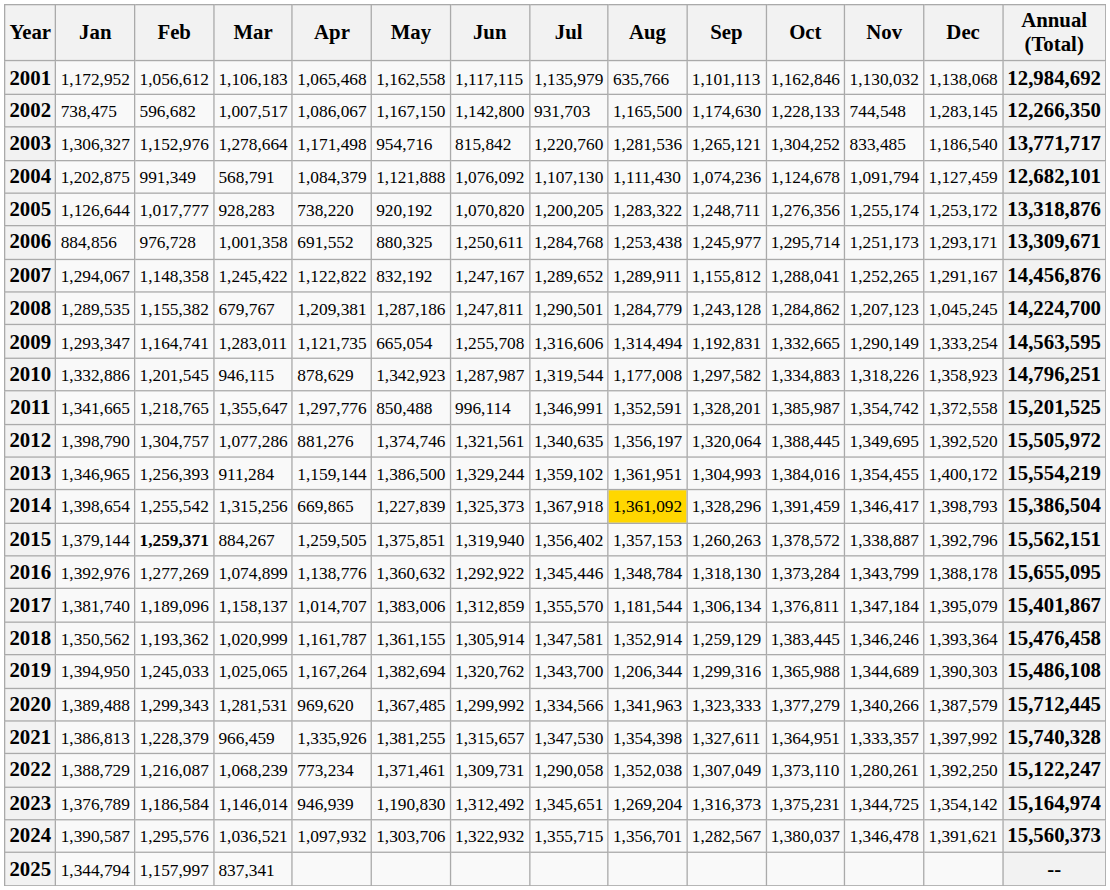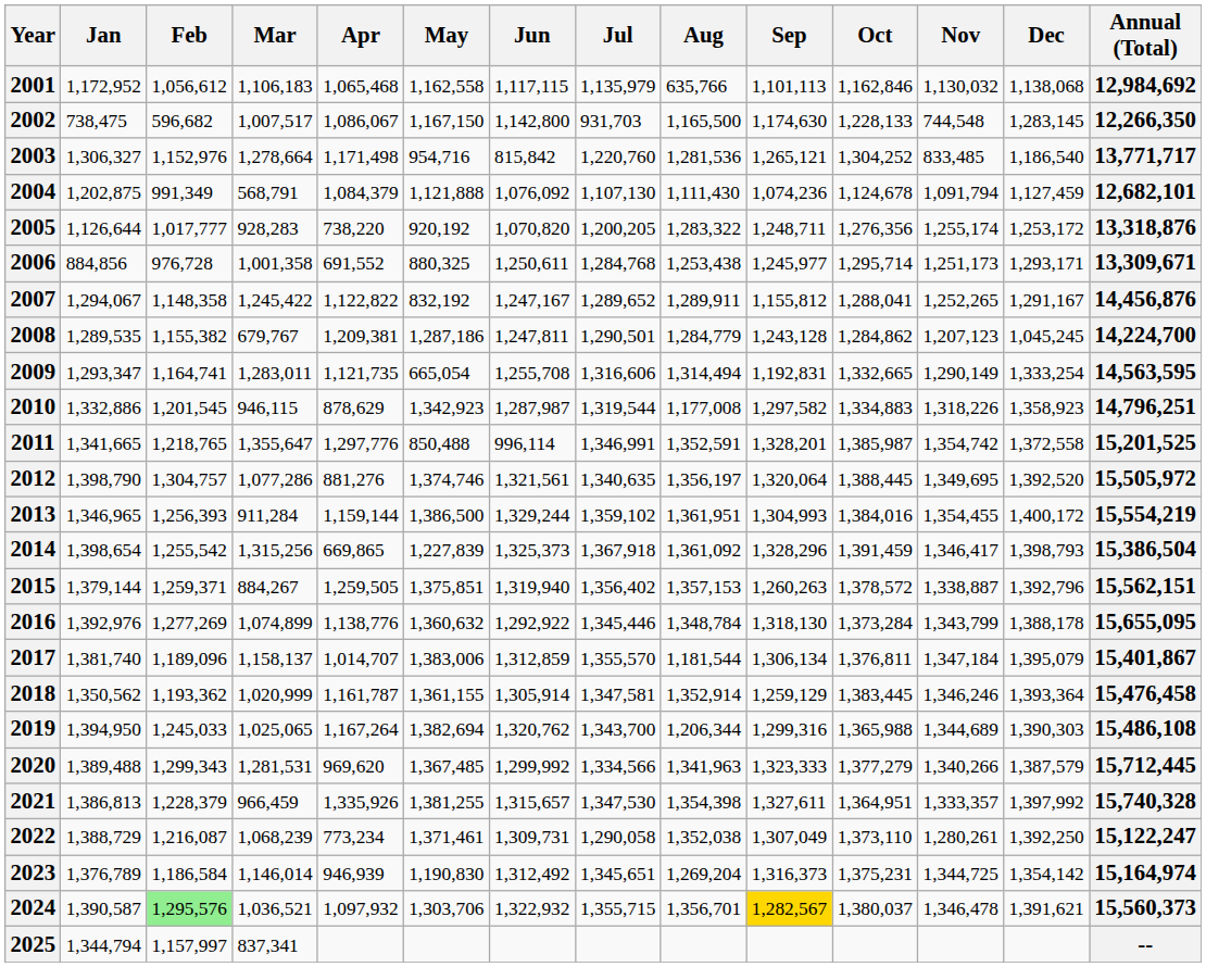 <table class="wikitable">
 <tr>
 <th>Year</th>
 <th>Jan</th>
 <th>Feb</th>
 <th>Mar</th>
 <th>Apr</th>
 <th>May</th>
 <th>Jun</th>
 <th>Jul</th>
 <th>Aug</th>
 <th>Sep</th>
 <th>Oct</th>
 <th>Nov</th>
 <th>Dec</th>
 <th>Annual (Total)</th>
 </tr>
 <tr>
 <th>2001</th>
 <td><small>1,172,952</small></td>
 <td><small>1,056,612</small></td>
 <td><small>1,106,183</small></td>
 <td><small>1,065,468</small></td>
 <td><small>1,162,558</small></td>
 <td><small>1,117,115</small></td>
 <td><small>1,135,979</small></td>
 <td><small>635,766</small></td>
 <td><small>1,101,113</small></td>
 <td><small>1,162,846</small></td>
 <td><small>1,130,032</small></td>
 <td><small>1,138,068</small></td>
 <th>12,984,692</th>
 </tr>
 <tr>
 <th>2002</th>
 <td><small>738,475</small></td>
 <td><small>596,682</small></td>
 <td><small>1,007,517</small></td>
 <td><small>1,086,067</small></td>
 <td><small>1,167,150</small></td>
 <td><small>1,142,800</small></td>
 <td><small>931,703</small></td>
 <td><small>1,165,500</small></td>
 <td><small>1,174,630</small></td>
 <td><small>1,228,133</small></td>
 <td><small>744,548</small></td>
 <td><small>1,283,145</small></td>
 <th>12,266,350</th>
 </tr>
 <tr>
 <th>2003</th>
 <td><small>1,306,327</small></td>
 <td><small>1,152,976</small></td>
 <td><small>1,278,664</small></td>
 <td><small>1,171,498</small></td>
 <td><small>954,716</small></td>
 <td><small>815,842</small></td>
 <td><small>1,220,760</small></td>
 <td><small>1,281,536</small></td>
 <td><small>1,265,121</small></td>
 <td><small>1,304,252</small></td>
 <td><small>833,485</small></td>
 <td><small>1,186,540</small></td>
 <th>13,771,717</th>
 </tr>
 <tr>
 <th>2004</th>
 <td><small>1,202,875</small></td>
 <td><small>991,349</small></td>
 <td><small>568,791</small></td>
 <td><small>1,084,379</small></td>
 <td><small>1,121,888</small></td>
 <td><small>1,076,092</small></td>
 <td><small>1,107,130</small></td>
 <td><small>1,111,430</small></td>
 <td><small>1,074,236</small></td>
 <td><small>1,124,678</small></td>
 <td><small>1,091,794</small></td>
 <td><small>1,127,459</small></td>
 <th>12,682,101</th>
 </tr>
 <tr>
 <th>2005</th>
 <td><small>1,126,644</small></td>
 <td><small>1,017,777</small></td>
 <td><small>928,283</small></td>
 <td><small>738,220</small></td>
 <td><small>920,192</small></td>
 <td><small>1,070,820</small></td>
 <td><small>1,200,205</small></td>
 <td><small>1,283,322</small></td>
 <td><small>1,248,711</small></td>
 <td><small>1,276,356</small></td>
 <td><small>1,255,174</small></td>
 <td><small>1,253,172</small></td>
 <th>13,318,876</th>
 </tr>
 <tr>
 <th>2006</th>
 <td><small>884,856</small></td>
 <td><small>976,728</small></td>
 <td><small>1,001,358</small></td>
 <td><small>691,552</small></td>
 <td><small>880,325</small></td>
 <td><small>1,250,611</small></td>
 <td><small>1,284,768</small></td>
 <td><small>1,253,438</small></td>
 <td><small>1,245,977</small></td>
 <td><small>1,295,714</small></td>
 <td><small>1,251,173</small></td>
 <td><small>1,293,171</small></td>
 <th>13,309,671</th>
 </tr>
 <tr>
 <th>2007</th>
 <td><small>1,294,067</small></td>
 <td><small>1,148,358</small></td>
 <td><small>1,245,422</small></td>
 <td><small>1,122,822</small></td>
 <td><small>832,192</small></td>
 <td><small>1,247,167</small></td>
 <td><small>1,289,652</small></td>
 <td><small>1,289,911</small></td>
 <td><small>1,155,812</small></td>
 <td><small>1,288,041</small></td>
 <td><small>1,252,265</small></td>
 <td><small>1,291,167</small></td>
 <th>14,456,876</th>
 </tr>
 <tr>
 <th>2008</th>
 <td><small>1,289,535</small></td>
 <td><small>1,155,382</small></td>
 <td><small>679,767</small></td>
 <td><small>1,209,381</small></td>
 <td><small>1,287,186</small></td>
 <td><small>1,247,811</small></td>
 <td><small>1,290,501</small></td>
 <td><small>1,284,779</small></td>
 <td><small>1,243,128</small></td>
 <td><small>1,284,862</small></td>
 <td><small>1,207,123</small></td>
 <td><small>1,045,245</small></td>
 <th>14,224,700</th>
 </tr>
 <tr>
 <th>2009</th>
 <td><small>1,293,347</small></td>
 <td><small>1,164,741</small></td>
 <td><small>1,283,011</small></td>
 <td><small>1,121,735</small></td>
 <td><small>665,054</small></td>
 <td><small>1,255,708</small></td>
 <td><small>1,316,606</small></td>
 <td><small>1,314,494</small></td>
 <td><small>1,192,831</small></td>
 <td><small>1,332,665</small></td>
 <td><small>1,290,149</small></td>
 <td><small>1,333,254</small></td>
 <th>14,563,595</th>
 </tr>
 <tr>
 <th>2010</th>
 <td><small>1,332,886</small></td>
 <td><small>1,201,545</small></td>
 <td><small>946,115</small></td>
 <td><small>878,629</small></td>
 <td><small>1,342,923</small></td>
 <td><small>1,287,987</small></td>
 <td><small>1,319,544</small></td>
 <td><small>1,177,008</small></td>
 <td><small>1,297,582</small></td>
 <td><small>1,334,883</small></td>
 <td><small>1,318,226</small></td>
 <td><small>1,358,923</small></td>
 <th>14,796,251</th>
 </tr>
 <tr>
 <th>2011</th>
 <td><small>1,341,665</small></td>
 <td><small>1,218,765</small></td>
 <td><small>1,355,647</small></td>
 <td><small>1,297,776</small></td>
 <td><small>850,488</small></td>
 <td><small>996,114</small></td>
 <td><small>1,346,991</small></td>
 <td><small>1,352,591</small></td>
 <td><small>1,328,201</small></td>
 <td><small>1,385,987</small></td>
 <td><small>1,354,742</small></td>
 <td><small>1,372,558</small></td>
 <th>15,201,525</th>
 </tr>
 <tr>
 <th>2012</th>
 <td><small>1,398,790</small></td>
 <td><small>1,304,757</small></td>
 <td><small>1,077,286</small></td>
 <td><small>881,276</small></td>
 <td><small>1,374,746</small></td>
 <td><small>1,321,561</small></td>
 <td><small>1,340,635</small></td>
 <td><small>1,356,197</small></td>
 <td><small>1,320,064</small></td>
 <td><small>1,388,445</small></td>
 <td><small>1,349,695</small></td>
 <td><small>1,392,520</small></td>
 <th>15,505,972</th>
 </tr>
 <tr>
 <th>2013</th>
 <td><small>1,346,965</small></td>
 <td><small>1,256,393</small></td>
 <td><small>911,284</small></td>
 <td><small>1,159,144</small></td>
 <td><small>1,386,500</small></td>
 <td><small>1,329,244</small></td>
 <td><small>1,359,102</small></td>
 <td><small>1,361,951</small></td>
 <td><small>1,304,993</small></td>
 <td><small>1,384,016</small></td>
 <td><small>1,354,455</small></td>
 <td><small>1,400,172</small></td>
 <th>15,554,219</th>
 </tr>
 <tr>
 <th>2014</th>
 <td><small>1,398,654</small></td>
 <td><small>1,255,542</small></td>
 <td><small>1,315,256</small></td>
 <td><small>669,865</small></td>
 <td><small>1,227,839</small></td>
 <td><small>1,325,373</small></td>
 <td><small>1,367,918</small></td>
-<td style="background: gold;"><small>1,361,092</small></td>
+<td><small>1,361,092</small></td>
 <td><small>1,328,296</small></td>
 <td><small>1,391,459</small></td>
 <td><small>1,346,417</small></td>
 <td><small>1,398,793</small></td>
 <th>15,386,504</th>
 </tr>
 <tr>
 <th>2015</th>
 <td><small>1,379,144</small></td>
-<td><strong><small>1,259,371</small></strong></td>
+<td><small>1,259,371</small></td>
 <td><small>884,267</small></td>
 <td><small>1,259,505</small></td>
 <td><small>1,375,851</small></td>
 <td><small>1,319,940</small></td>
 <td><small>1,356,402</small></td>
 <td><small>1,357,153</small></td>
 <td><small>1,260,263</small></td>
 <td><small>1,378,572</small></td>
 <td><small>1,338,887</small></td>
 <td><small>1,392,796</small></td>
 <th>15,562,151</th>
 </tr>
 <tr>
 <th>2016</th>
 <td><small>1,392,976</small></td>
 <td><small>1,277,269</small></td>
 <td><small>1,074,899</small></td>
 <td><small>1,138,776</small></td>
 <td><small>1,360,632</small></td>
 <td><small>1,292,922</small></td>
 <td><small>1,345,446</small></td>
 <td><small>1,348,784</small></td>
 <td><small>1,318,130</small></td>
 <td><small>1,373,284</small></td>
 <td><small>1,343,799</small></td>
 <td><small>1,388,178</small></td>
 <th>15,655,095</th>
 </tr>
 <tr>
 <th>2017</th>
 <td><small>1,381,740</small></td>
 <td><small>1,189,096</small></td>
 <td><small>1,158,137</small></td>
 <td><small>1,014,707</small></td>
 <td><small>1,383,006</small></td>
 <td><small>1,312,859</small></td>
 <td><small>1,355,570</small></td>
 <td><small>1,181,544</small></td>
 <td><small>1,306,134</small></td>
 <td><small>1,376,811</small></td>
 <td><small>1,347,184</small></td>
 <td><small>1,395,079</small></td>
 <th>15,401,867</th>
 </tr>
 <tr>
 <th>2018</th>
 <td><small>1,350,562</small></td>
 <td><small>1,193,362</small></td>
 <td><small>1,020,999</small></td>
 <td><small>1,161,787</small></td>
 <td><small>1,361,155</small></td>
 <td><small>1,305,914</small></td>
 <td><small>1,347,581</small></td>
 <td><small>1,352,914</small></td>
 <td><small>1,259,129</small></td>
 <td><small>1,383,445</small></td>
 <td><small>1,346,246</small></td>
 <td><small>1,393,364</small></td>
 <th>15,476,458</th>
 </tr>
 <tr>
 <th>2019</th>
 <td><small>1,394,950</small></td>
 <td><small>1,245,033</small></td>
 <td><small>1,025,065</small></td>
 <td><small>1,167,264</small></td>
 <td><small>1,382,694</small></td>
 <td><small>1,320,762</small></td>
 <td><small>1,343,700</small></td>
 <td><small>1,206,344</small></td>
 <td><small>1,299,316</small></td>
 <td><small>1,365,988</small></td>
 <td><small>1,344,689</small></td>
 <td><small>1,390,303</small></td>
 <th>15,486,108</th>
 </tr>
 <tr>
 <th>2020</th>
 <td><small>1,389,488</small></td>
 <td><small>1,299,343</small></td>
 <td><small>1,281,531</small></td>
 <td><small>969,620</small></td>
 <td><small>1,367,485</small></td>
 <td><small>1,299,992</small></td>
 <td><small>1,334,566</small></td>
 <td><small>1,341,963</small></td>
 <td><small>1,323,333</small></td>
 <td><small>1,377,279</small></td>
 <td><small>1,340,266</small></td>
 <td><small>1,387,579</small></td>
 <th>15,712,445</th>
 </tr>
 <tr>
 <th>2021</th>
 <td><small>1,386,813</small></td>
 <td><small>1,228,379</small></td>
 <td><small>966,459</small></td>
 <td><small>1,335,926</small></td>
 <td><small>1,381,255</small></td>
 <td><small>1,315,657</small></td>
 <td><small>1,347,530</small></td>
 <td><small>1,354,398</small></td>
 <td><small>1,327,611</small></td>
 <td><small>1,364,951</small></td>
 <td><small>1,333,357</small></td>
 <td><small>1,397,992</small></td>
 <th>15,740,328</th>
 </tr>
 <tr>
 <th>2022</th>
 <td><small>1,388,729</small></td>
 <td><small>1,216,087</small></td>
 <td><small>1,068,239</small></td>
 <td><small>773,234</small></td>
 <td><small>1,371,461</small></td>
 <td><small>1,309,731</small></td>
 <td><small>1,290,058</small></td>
 <td><small>1,352,038</small></td>
 <td><small>1,307,049</small></td>
 <td><small>1,373,110</small></td>
 <td><small>1,280,261</small></td>
 <td><small>1,392,250</small></td>
 <th>15,122,247</th>
 </tr>
 <tr>
 <th>2023</th>
 <td><small>1,376,789</small></td>
 <td><small>1,186,584</small></td>
 <td><small>1,146,014</small></td>
 <td><small>946,939</small></td>
 <td><small>1,190,830</small></td>
 <td><small>1,312,492</small></td>
 <td><small>1,345,651</small></td>
 <td><small>1,269,204</small></td>
 <td><small>1,316,373</small></td>
 <td><small>1,375,231</small></td>
 <td><small>1,344,725</small></td>
 <td><small>1,354,142</small></td>
 <th>15,164,974</th>
 </tr>
 <tr>
 <th>2024</th>
 <td><small>1,390,587</small></td>
-<td><small>1,295,576</small></td>
+<td style="background: lightgreen;"><small>1,295,576</small></td>
 <td><small>1,036,521</small></td>
 <td><small>1,097,932</small></td>
 <td><small>1,303,706</small></td>
 <td><small>1,322,932</small></td>
 <td><small>1,355,715</small></td>
 <td><small>1,356,701</small></td>
-<td><small>1,282,567</small></td>
+<td style="background: gold;"><small>1,282,567</small></td>
 <td><small>1,380,037</small></td>
 <td><small>1,346,478</small></td>
 <td><small>1,391,621</small></td>
 <th>15,560,373</th>
 </tr>
 <tr>
 <th>2025</th>
 <td><small>1,344,794</small></td>
 <td><small>1,157,997</small></td>
 <td><small>837,341</small></td>
 <td><small></small></td>
 <td><small></small></td>
 <td><small></small></td>
 <td><small></small></td>
 <td><small></small></td>
 <td><small></small></td>
 <td><small></small></td>
 <td><small></small></td>
 <td><small></small></td>
 <th>--</th>
 </tr>
 <tr>
 </tr>
 </table>
